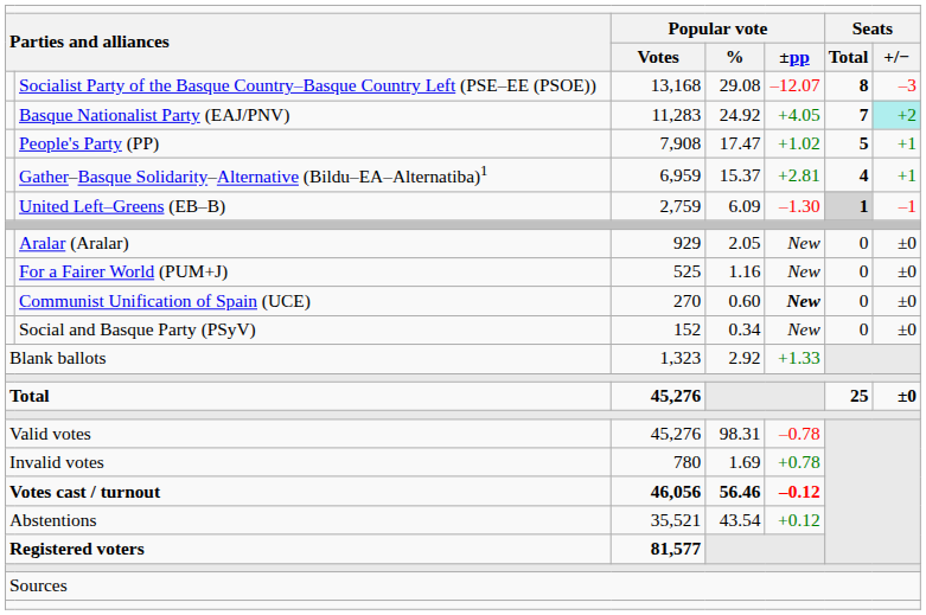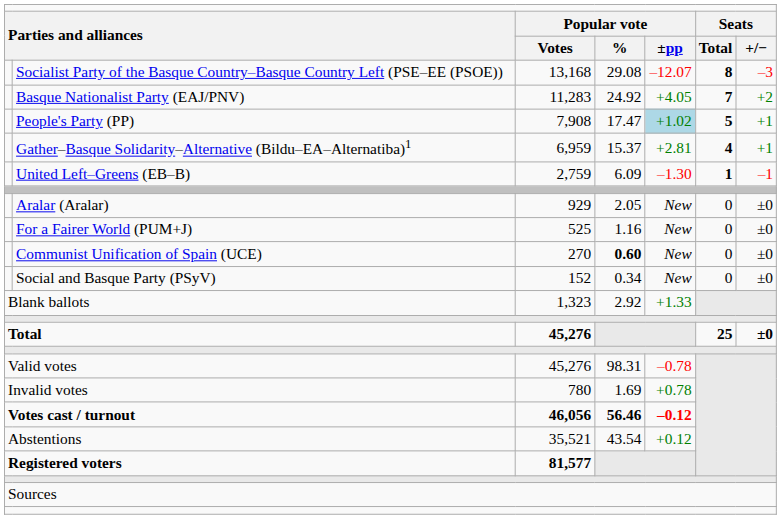 <table class="wikitable" style="text-align:right;">
 <tr>
 <td colspan="7"></td>
 </tr>
 <tr>
 <th style="text-align:left;" rowspan="2" colspan="2" width="525">Parties and alliances</th>
 <th colspan="3">Popular vote</th>
 <th colspan="2">Seats</th>
 </tr>
 <tr>
 <th width="75">Votes</th>
 <th width="45">%</th>
 <th width="45">±<a href='#'>pp</a></th>
 <th width="35">Total</th>
 <th width="35">+/−</th>
 </tr>
 <tr>
 <td width="1" style="color:inherit;background:"></td>
 <td align="left"><a href='#'>Socialist Party of the Basque Country–Basque Country Left</a> (PSE–EE (PSOE))</td>
 <td>13,168</td>
 <td>29.08</td>
 <td style="color:red;">–12.07</td>
 <td><strong>8</strong></td>
 <td style="color:red;">–3</td>
 </tr>
 <tr>
 <td style="color:inherit;background:"></td>
 <td align="left"><a href='#'>Basque Nationalist Party</a> (EAJ/PNV)</td>
 <td>11,283</td>
 <td>24.92</td>
 <td style="color:green;">+4.05</td>
 <td><strong>7</strong></td>
-<td style="background: paleturquoise; color:green;">+2</td>
+<td style="color:green;">+2</td>
 </tr>
 <tr>
 <td style="color:inherit;background:"></td>
 <td align="left"><a href='#'>People's Party</a> (PP)</td>
 <td>7,908</td>
 <td>17.47</td>
-<td style="color:green;">+1.02</td>
+<td style="background: lightblue; color:green;">+1.02</td>
 <td><strong>5</strong></td>
 <td style="color:green;">+1</td>
 </tr>
 <tr>
 <td style="color:inherit;background:"></td>
 <td align="left"><a href='#'>Gather</a>–<a href='#'>Basque Solidarity</a>–<a href='#'>Alternative</a> (Bildu–EA–Alternatiba)<sup>1</sup></td>
 <td>6,959</td>
 <td>15.37</td>
 <td style="color:green;">+2.81</td>
 <td><strong>4</strong></td>
 <td style="color:green;">+1</td>
 </tr>
 <tr>
 <td style="color:inherit;background:"></td>
 <td align="left"><a href='#'>United Left–Greens</a> (EB–B)</td>
 <td>2,759</td>
 <td>6.09</td>
 <td style="color:red;">–1.30</td>
-<td style="background: lightgrey;"><strong>1</strong></td>
+<td><strong>1</strong></td>
 <td style="color:red;">–1</td>
 </tr>
 <tr>
 <td colspan="7" bgcolor="#C0C0C0"></td>
 </tr>
 <tr>
 <td style="color:inherit;background:"></td>
 <td align="left"><a href='#'>Aralar</a> (Aralar)</td>
 <td>929</td>
 <td>2.05</td>
 <td><em>New</em></td>
 <td>0</td>
 <td>±0</td>
 </tr>
 <tr>
 <td style="color:inherit;background:"></td>
 <td align="left"><a href='#'>For a Fairer World</a> (PUM+J)</td>
 <td>525</td>
 <td>1.16</td>
 <td><em>New</em></td>
 <td>0</td>
 <td>±0</td>
 </tr>
 <tr>
 <td style="color:inherit;background:"></td>
 <td align="left"><a href='#'>Communist Unification of Spain</a> (UCE)</td>
 <td>270</td>
-<td>0.60</td>
-<td><strong><em>New</em></strong></td>
+<td><strong>0.60</strong></td>
+<td><em>New</em></td>
 <td>0</td>
 <td>±0</td>
 </tr>
 <tr>
 <td style="color:inherit;background:"></td>
 <td align="left">Social and Basque Party (PSyV)</td>
 <td>152</td>
 <td>0.34</td>
 <td><em>New</em></td>
 <td>0</td>
 <td>±0</td>
 </tr>
 <tr>
 <td align="left" colspan="2">Blank ballots</td>
 <td>1,323</td>
 <td>2.92</td>
 <td style="color:green;">+1.33</td>
 <td bgcolor="#E9E9E9" colspan="2"></td>
 </tr>
 <tr>
 <td colspan="7" bgcolor="#E9E9E9"></td>
 </tr>
 <tr style="font-weight:bold;">
 <td align="left" colspan="2">Total</td>
 <td>45,276</td>
 <td bgcolor="#E9E9E9" colspan="2"></td>
 <td>25</td>
 <td>±0</td>
 </tr>
 <tr>
 <td colspan="7" bgcolor="#E9E9E9"></td>
 </tr>
 <tr>
 <td align="left" colspan="2">Valid votes</td>
 <td>45,276</td>
 <td>98.31</td>
 <td style="color:red;">–0.78</td>
 <td bgcolor="#E9E9E9" colspan="2" rowspan="5"></td>
 </tr>
 <tr>
 <td align="left" colspan="2">Invalid votes</td>
 <td>780</td>
 <td>1.69</td>
 <td style="color:green;">+0.78</td>
 </tr>
 <tr style="font-weight:bold;">
 <td align="left" colspan="2">Votes cast / turnout</td>
 <td>46,056</td>
 <td>56.46</td>
 <td style="color:red;">–0.12</td>
 </tr>
 <tr>
 <td align="left" colspan="2">Abstentions</td>
 <td>35,521</td>
 <td>43.54</td>
 <td style="color:green;">+0.12</td>
 </tr>
 <tr style="font-weight:bold;">
 <td align="left" colspan="2">Registered voters</td>
 <td>81,577</td>
 <td bgcolor="#E9E9E9" colspan="2"></td>
 </tr>
 <tr>
 <td colspan="7" bgcolor="#E9E9E9"></td>
 </tr>
 <tr>
 <td align="left" colspan="7">Sources</td>
 </tr>
 <tr>
 <td colspan="7" style="text-align:left; max-width:790px;"></td>
 </tr>
 </table>
